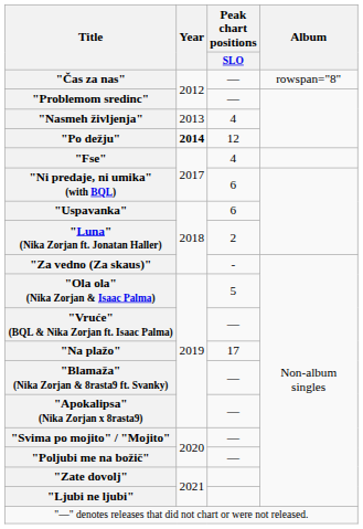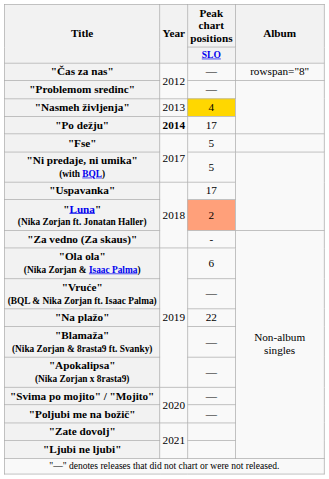 <table class="wikitable plainrowheaders" style="text-align:center;">
 <tr>
 <th scope="col" rowspan="2" width=215px>Title</th>
 <th scope="col" rowspan="2">Year</th>
 <th scope="col" colspan="1">Peak chart positions</th>
 <th scope="col" rowspan="2"  width=120px>Album</th>
 </tr>
 <tr>
 <th scope="col" style="width:3em; font-size:85%;"><a href='#'>SLO</a><br></th>
 </tr>
 <tr>
 <th scope="row">"Čas za nas"</th>
 <td rowspan="2">2012</td>
 <td>—</td>
 <td>rowspan="8" </td>
 </tr>
 <tr>
 <th scope="row">"Problemom sredinc"</th>
 <td>—</td>
 </tr>
 <tr>
 <th scope="row">"Nasmeh življenja"</th>
 <td>2013</td>
-<td>4</td>
+<td style="background: gold;">4</td>
 </tr>
 <tr>
 <th scope="row">"Po dežju"</th>
 <td><strong>2014</strong></td>
-<td>12</td>
+<td>17</td>
 </tr>
 <tr>
 <th scope="row">"Fse"</th>
 <td rowspan=2>2017</td>
-<td>4</td>
+<td>5</td>
 <td></td>
 </tr>
 <tr>
 <th scope="row">"Ni predaje, ni umika"<br><small>(with <a href='#'>BQL</a>)</small></th>
-<td>6</td>
+<td>5</td>
 </tr>
 <tr>
 <th scope="row">"Uspavanka"</th>
 <td rowspan="3">2018</td>
-<td>6</td>
+<td>17</td>
 </tr>
 <tr>
 <th ! scope="row">"<a href='#'>Luna</a>"<br><small>(Nika Zorjan ft. Jonatan Haller)</small></th>
-<td>2</td>
+<td style="background: lightsalmon;">2</td>
 </tr>
 <tr>
 <th scope="row">"Za vedno (Za skaus)"</th>
 <td>-</td>
 <td rowspan="10">Non-album singles</td>
 </tr>
 <tr>
 <th scope="row">"Ola ola"<br><small>(Nika Zorjan & <a href='#'>Isaac Palma</a>)</small></th>
 <td rowspan=5>2019</td>
-<td>5</td>
+<td>6</td>
 </tr>
 <tr>
 <th scope="row">"Vruće"<br><small>(BQL & Nika Zorjan ft. Isaac Palma)</small></th>
 <td style="text-align:center">—</td>
 </tr>
 <tr>
 <th scope="row">"Na plažo"</th>
-<td>17</td>
+<td>22</td>
 </tr>
 <tr>
 <th scope="row">"Blamaža"<br><small>(Nika Zorjan & 8rasta9 ft. Svanky)</small></th>
 <td style="text-align:center">—</td>
 </tr>
 <tr>
 <th scope="row">"Apokalipsa"<br><small>(Nika Zorjan x 8rasta9)</small></th>
 <td style="text-align:center">—</td>
 </tr>
 <tr>
 <th scope="row">"Svima po mojito" / "Mojito"</th>
 <td rowspan=2>2020</td>
 <td style="text-align:center">—</td>
 </tr>
 <tr>
 <th scope="row">"Poljubi me na božič"</th>
 <td style="text-align:center">—</td>
 </tr>
 <tr>
 <th scope="row">"Zate dovolj"</th>
 <td rowspan="2">2021</td>
 <td></td>
 </tr>
 <tr>
 <th scope="row">"Ljubi ne ljubi"</th>
 <td></td>
 </tr>
 <tr>
 <td style="text-align:center; font-size:85%;" colspan="10">"—" denotes releases that did not chart or were not released.</td>
 </tr>
 </table>
